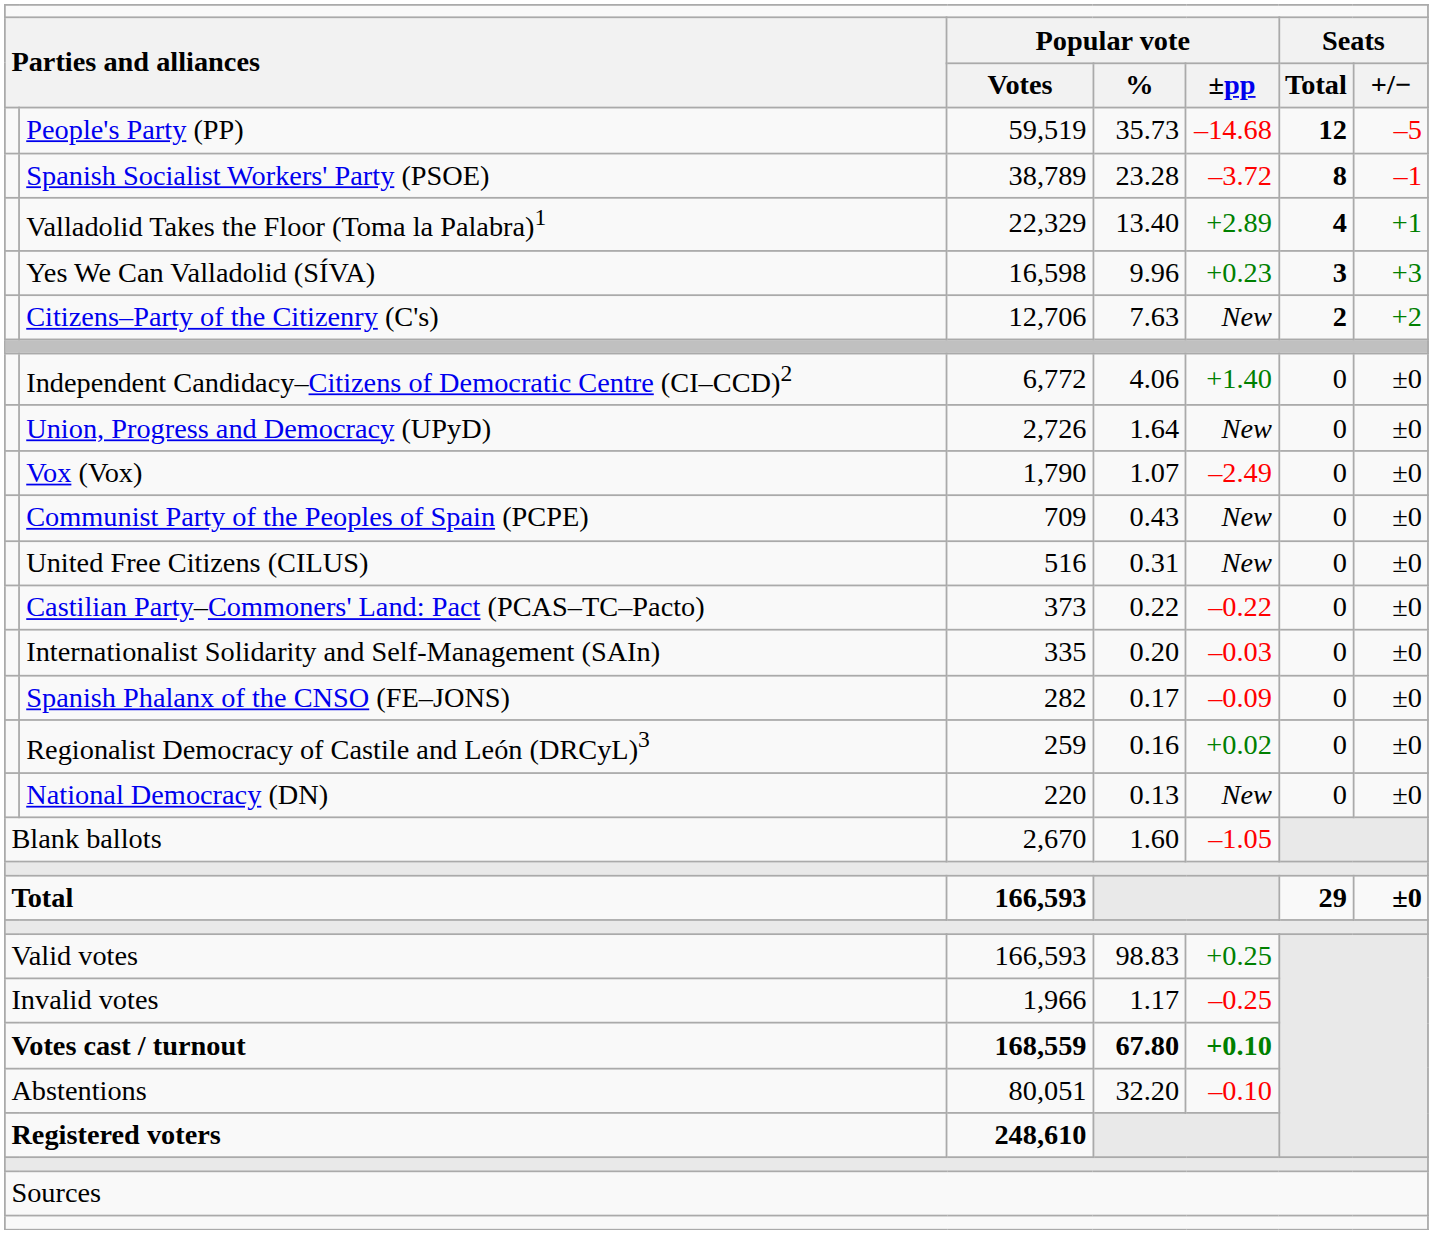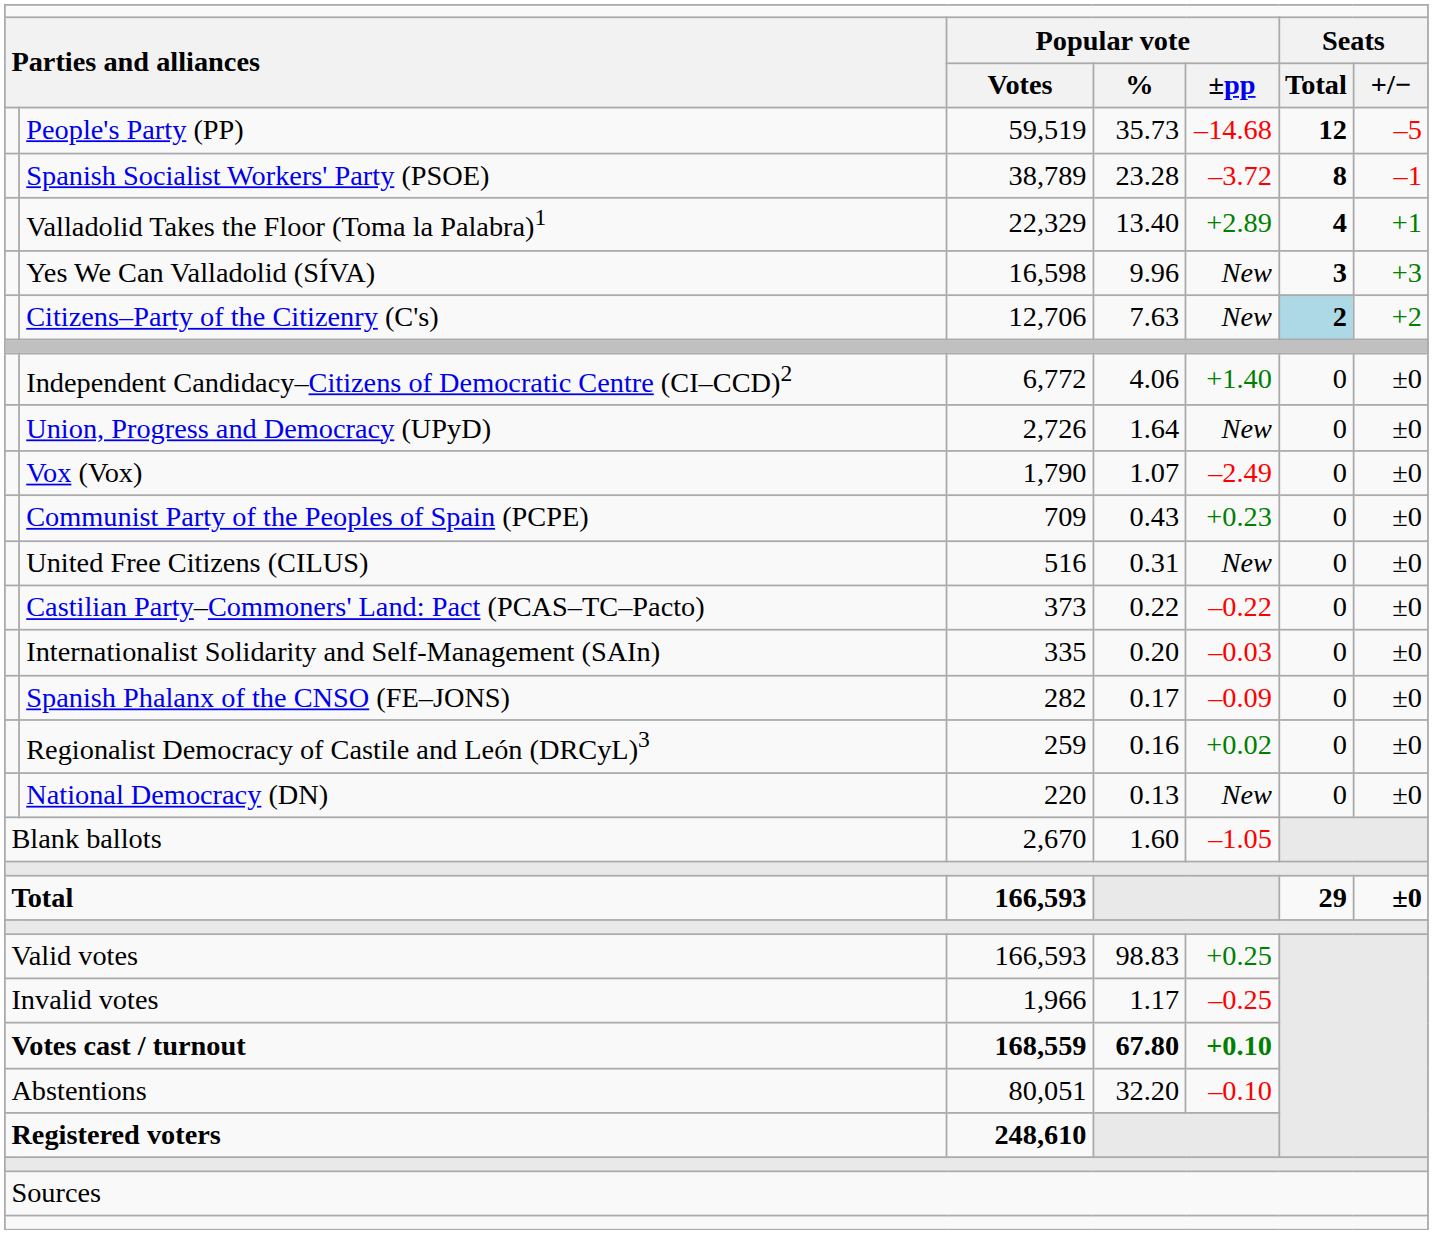 <table class="wikitable" style="text-align:right;">
 <tr>
 <td colspan="7"></td>
 </tr>
 <tr>
 <th style="text-align:left;" rowspan="2" colspan="2" width="525">Parties and alliances</th>
 <th colspan="3">Popular vote</th>
 <th colspan="2">Seats</th>
 </tr>
 <tr>
 <th width="75">Votes</th>
 <th width="45">%</th>
 <th width="45">±<a href='#'>pp</a></th>
 <th width="35">Total</th>
 <th width="35">+/−</th>
 </tr>
 <tr>
 <td width="1" style="color:inherit;background:"></td>
 <td align="left"><a href='#'>People's Party</a> (PP)</td>
 <td>59,519</td>
 <td>35.73</td>
 <td style="color:red;">–14.68</td>
 <td><strong>12</strong></td>
 <td style="color:red;">–5</td>
 </tr>
 <tr>
 <td style="color:inherit;background:"></td>
 <td align="left"><a href='#'>Spanish Socialist Workers' Party</a> (PSOE)</td>
 <td>38,789</td>
 <td>23.28</td>
 <td style="color:red;">–3.72</td>
 <td><strong>8</strong></td>
 <td style="color:red;">–1</td>
 </tr>
 <tr>
 <td style="color:inherit;background:"></td>
 <td align="left">Valladolid Takes the Floor (Toma la Palabra)<sup>1</sup></td>
 <td>22,329</td>
 <td>13.40</td>
 <td style="color:green;">+2.89</td>
 <td><strong>4</strong></td>
 <td style="color:green;">+1</td>
 </tr>
 <tr>
 <td style="color:inherit;background:"></td>
 <td align="left">Yes We Can Valladolid (SÍVA)</td>
 <td>16,598</td>
 <td>9.96</td>
-<td style="color:green;">+0.23</td>
+<td><em>New</em></td>
 <td><strong>3</strong></td>
 <td style="color:green;">+3</td>
 </tr>
 <tr>
 <td style="color:inherit;background:"></td>
 <td align="left"><a href='#'>Citizens–Party of the Citizenry</a> (C's)</td>
 <td>12,706</td>
 <td>7.63</td>
 <td><em>New</em></td>
-<td><strong>2</strong></td>
+<td style="background: lightblue;"><strong>2</strong></td>
 <td style="color:green;">+2</td>
 </tr>
 <tr>
 <td colspan="7" bgcolor="#C0C0C0"></td>
 </tr>
 <tr>
 <td style="color:inherit;background:"></td>
 <td align="left">Independent Candidacy–<a href='#'>Citizens of Democratic Centre</a> (CI–CCD)<sup>2</sup></td>
 <td>6,772</td>
 <td>4.06</td>
 <td style="color:green;">+1.40</td>
 <td>0</td>
 <td>±0</td>
 </tr>
 <tr>
 <td style="color:inherit;background:"></td>
 <td align="left"><a href='#'>Union, Progress and Democracy</a> (UPyD)</td>
 <td>2,726</td>
 <td>1.64</td>
 <td><em>New</em></td>
 <td>0</td>
 <td>±0</td>
 </tr>
 <tr>
 <td style="color:inherit;background:"></td>
 <td align="left"><a href='#'>Vox</a> (Vox)</td>
 <td>1,790</td>
 <td>1.07</td>
 <td style="color:red;">–2.49</td>
 <td>0</td>
 <td>±0</td>
 </tr>
 <tr>
 <td style="color:inherit;background:"></td>
 <td align="left"><a href='#'>Communist Party of the Peoples of Spain</a> (PCPE)</td>
 <td>709</td>
 <td>0.43</td>
-<td><em>New</em></td>
+<td style="color:green;">+0.23</td>
 <td>0</td>
 <td>±0</td>
 </tr>
 <tr>
 <td style="color:inherit;background:"></td>
 <td align="left">United Free Citizens (CILUS)</td>
 <td>516</td>
 <td>0.31</td>
 <td><em>New</em></td>
 <td>0</td>
 <td>±0</td>
 </tr>
 <tr>
 <td style="color:inherit;background:"></td>
 <td align="left"><a href='#'>Castilian Party</a>–<a href='#'>Commoners' Land: Pact</a> (PCAS–TC–Pacto)</td>
 <td>373</td>
 <td>0.22</td>
 <td style="color:red;">–0.22</td>
 <td>0</td>
 <td>±0</td>
 </tr>
 <tr>
 <td style="color:inherit;background:"></td>
 <td align="left">Internationalist Solidarity and Self-Management (SAIn)</td>
 <td>335</td>
 <td>0.20</td>
 <td style="color:red;">–0.03</td>
 <td>0</td>
 <td>±0</td>
 </tr>
 <tr>
 <td style="color:inherit;background:"></td>
 <td align="left"><a href='#'>Spanish Phalanx of the CNSO</a> (FE–JONS)</td>
 <td>282</td>
 <td>0.17</td>
 <td style="color:red;">–0.09</td>
 <td>0</td>
 <td>±0</td>
 </tr>
 <tr>
 <td style="color:inherit;background:"></td>
 <td align="left">Regionalist Democracy of Castile and León (DRCyL)<sup>3</sup></td>
 <td>259</td>
 <td>0.16</td>
 <td style="color:green;">+0.02</td>
 <td>0</td>
 <td>±0</td>
 </tr>
 <tr>
 <td style="color:inherit;background:"></td>
 <td align="left"><a href='#'>National Democracy</a> (DN)</td>
 <td>220</td>
 <td>0.13</td>
 <td><em>New</em></td>
 <td>0</td>
 <td>±0</td>
 </tr>
 <tr>
 <td align="left" colspan="2">Blank ballots</td>
 <td>2,670</td>
 <td>1.60</td>
 <td style="color:red;">–1.05</td>
 <td bgcolor="#E9E9E9" colspan="2"></td>
 </tr>
 <tr>
 <td colspan="7" bgcolor="#E9E9E9"></td>
 </tr>
 <tr style="font-weight:bold;">
 <td align="left" colspan="2">Total</td>
 <td>166,593</td>
 <td bgcolor="#E9E9E9" colspan="2"></td>
 <td>29</td>
 <td>±0</td>
 </tr>
 <tr>
 <td colspan="7" bgcolor="#E9E9E9"></td>
 </tr>
 <tr>
 <td align="left" colspan="2">Valid votes</td>
 <td>166,593</td>
 <td>98.83</td>
 <td style="color:green;">+0.25</td>
 <td bgcolor="#E9E9E9" colspan="2" rowspan="5"></td>
 </tr>
 <tr>
 <td align="left" colspan="2">Invalid votes</td>
 <td>1,966</td>
 <td>1.17</td>
 <td style="color:red;">–0.25</td>
 </tr>
 <tr style="font-weight:bold;">
 <td align="left" colspan="2">Votes cast / turnout</td>
 <td>168,559</td>
 <td>67.80</td>
 <td style="color:green;">+0.10</td>
 </tr>
 <tr>
 <td align="left" colspan="2">Abstentions</td>
 <td>80,051</td>
 <td>32.20</td>
 <td style="color:red;">–0.10</td>
 </tr>
 <tr style="font-weight:bold;">
 <td align="left" colspan="2">Registered voters</td>
 <td>248,610</td>
 <td bgcolor="#E9E9E9" colspan="2"></td>
 </tr>
 <tr>
 <td colspan="7" bgcolor="#E9E9E9"></td>
 </tr>
 <tr>
 <td align="left" colspan="7">Sources</td>
 </tr>
 <tr>
 <td colspan="7" style="text-align:left; max-width:790px;"></td>
 </tr>
 </table>
